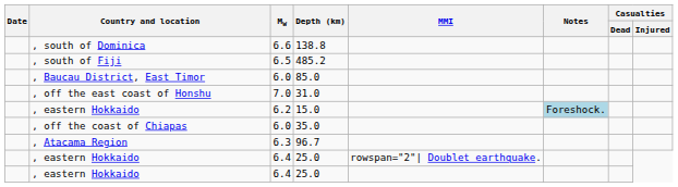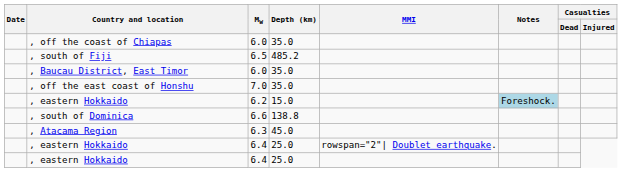 <table class="wikitable sortable sort-under" style="border:1px black; margin-left:1em;">
 <tr>
 <th rowspan="2"><small>Date</small></th>
 <th rowspan="2" style="width: 310px"><small>Country and location</small></th>
 <th rowspan="2"><small>M<sub>w</sub></small></th>
 <th rowspan="2"><small>Depth (km)</small></th>
 <th rowspan="2"><small><a href='#'>MMI</a></small></th>
 <th rowspan="2" class="unsortable"><small>Notes</small></th>
 <th colspan="2"><small>Casualties</small></th>
 </tr>
 <tr>
 <th><small>Dead</small></th>
 <th><small>Injured</small></th>
 </tr>
 <tr>
 <td></td>
-<td>, south of <a href='#'>Dominica</a></td>
-<td>6.6</td>
-<td>138.8</td>
+<td>, off the coast of <a href='#'>Chiapas</a></td>
+<td>6.0</td>
+<td>35.0</td>
 <td></td>
 <td></td>
 <td></td>
 <td></td>
 </tr>
 <tr>
 <td></td>
 <td>, south of <a href='#'>Fiji</a></td>
 <td>6.5</td>
 <td>485.2</td>
 <td></td>
 <td></td>
 <td></td>
 <td></td>
 </tr>
 <tr>
 <td></td>
 <td>, <a href='#'>Baucau District</a>, <a href='#'>East Timor</a></td>
 <td>6.0</td>
-<td>85.0</td>
+<td>35.0</td>
 <td></td>
 <td></td>
 <td></td>
 <td></td>
 </tr>
 <tr>
 <td></td>
 <td>, off the east coast of <a href='#'>Honshu</a></td>
 <td>7.0</td>
-<td>31.0</td>
+<td>35.0</td>
 <td></td>
 <td></td>
 <td></td>
 <td></td>
 </tr>
 <tr>
 <td></td>
 <td>, eastern <a href='#'>Hokkaido</a></td>
 <td>6.2</td>
 <td>15.0</td>
 <td></td>
 <td style="background: lightblue;">Foreshock.</td>
 <td></td>
 <td></td>
 </tr>
 <tr>
 <td></td>
-<td>, off the coast of <a href='#'>Chiapas</a></td>
-<td>6.0</td>
-<td>35.0</td>
+<td>, south of <a href='#'>Dominica</a></td>
+<td>6.6</td>
+<td>138.8</td>
 <td></td>
 <td></td>
 <td></td>
 <td></td>
 </tr>
 <tr>
 <td></td>
 <td>, <a href='#'>Atacama Region</a></td>
 <td>6.3</td>
-<td>96.7</td>
+<td>45.0</td>
 <td></td>
 <td></td>
 <td></td>
 <td></td>
 </tr>
 <tr>
 <td></td>
 <td>, eastern <a href='#'>Hokkaido</a></td>
 <td>6.4</td>
 <td>25.0</td>
 <td>rowspan="2"| <a href='#'>Doublet earthquake</a>.</td>
 <td></td>
 <td></td>
 </tr>
 <tr>
 <td></td>
 <td>, eastern <a href='#'>Hokkaido</a></td>
 <td>6.4</td>
 <td>25.0</td>
 <td></td>
 <td></td>
 <td></td>
 </tr>
 </table>
